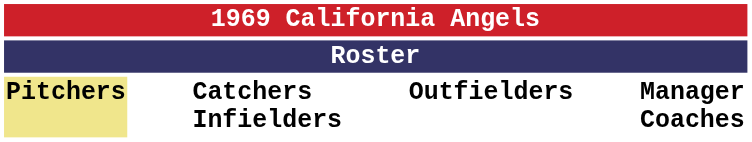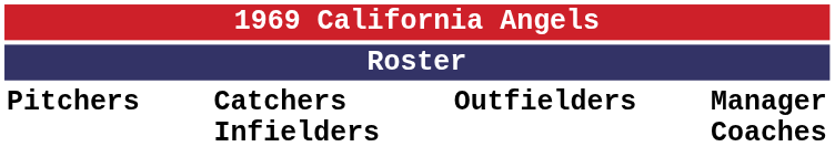 <table class="toccolours" style="font-size: 95%;">
 <tr>
 <th colspan="10" style="background-color: #CE2029; color: white; text-align: center;">1969 California Angels</th>
 </tr>
 <tr>
 <td colspan="10" style="background-color: #333366; color: white; text-align: center;"><strong>Roster</strong></td>
 </tr>
 <tr>
-<td valign="top" style="background: khaki;"><strong>Pitchers</strong><br>                  </td>
+<td valign="top"><strong>Pitchers</strong><br>                  </td>
 <td width="25px"></td>
 <td valign="top"><strong>Catchers</strong><br>     <strong>Infielders</strong>           </td>
 <td width="25px"></td>
 <td valign="top"><strong>Outfielders</strong><br>         </td>
 <td width="25px"></td>
 <td valign="top"><strong>Manager</strong><br>  <strong>Coaches</strong>     </td>
 </tr>
 <tr>
 </tr>
 </table>
